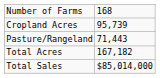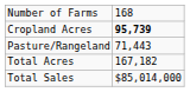 <table class="wikitable">
 <tr>
 <td>Number of Farms</td>
 <td>168</td>
 </tr>
 <tr>
 <td>Cropland Acres</td>
-<td>95,739</td>
+<td><strong>95,739</strong></td>
 </tr>
 <tr>
 <td>Pasture/Rangeland</td>
 <td>71,443</td>
 </tr>
 <tr>
 <td>Total Acres</td>
 <td>167,182</td>
 </tr>
 <tr>
 <td>Total Sales</td>
 <td>$85,014,000</td>
 </tr>
 </table>
